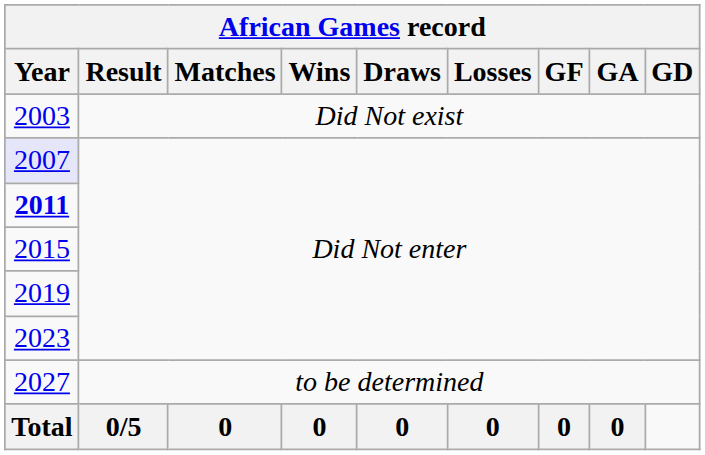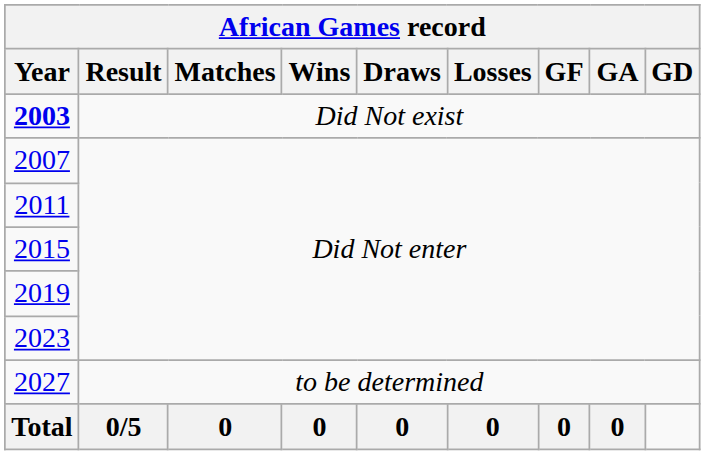 <table class="wikitable" style="text-align: center;">
 <tr>
 <th colspan=9><a href='#'>African Games</a> record</th>
 </tr>
 <tr>
 <th>Year</th>
 <th>Result</th>
 <th>Matches</th>
 <th>Wins</th>
 <th>Draws</th>
 <th>Losses</th>
 <th>GF</th>
 <th>GA</th>
 <th>GD</th>
 </tr>
 <tr>
-<td> <a href='#'>2003</a></td>
+<td><strong> <a href='#'>2003</a></strong></td>
 <td colspan=8><em>Did Not exist</em></td>
 </tr>
 <tr>
-<td style="background: lavender;"> <a href='#'>2007</a></td>
+<td> <a href='#'>2007</a></td>
 <td colspan=8  rowspan= 5><em>Did Not enter </em></td>
 </tr>
 <tr>
-<td><strong> <a href='#'>2011</a></strong></td>
+<td> <a href='#'>2011</a></td>
 </tr>
 <tr>
 <td> <a href='#'>2015</a></td>
 </tr>
 <tr>
 <td> <a href='#'>2019</a></td>
 </tr>
 <tr>
 <td> <a href='#'>2023</a></td>
 </tr>
 <tr>
 <td> <a href='#'>2027</a></td>
 <td colspan=8><em>to be determined</em></td>
 </tr>
 <tr>
 <th>Total</th>
 <th>0/5</th>
 <th>0</th>
 <th>0</th>
 <th>0</th>
 <th>0</th>
 <th>0</th>
 <th>0</th>
 </tr>
 </table>
